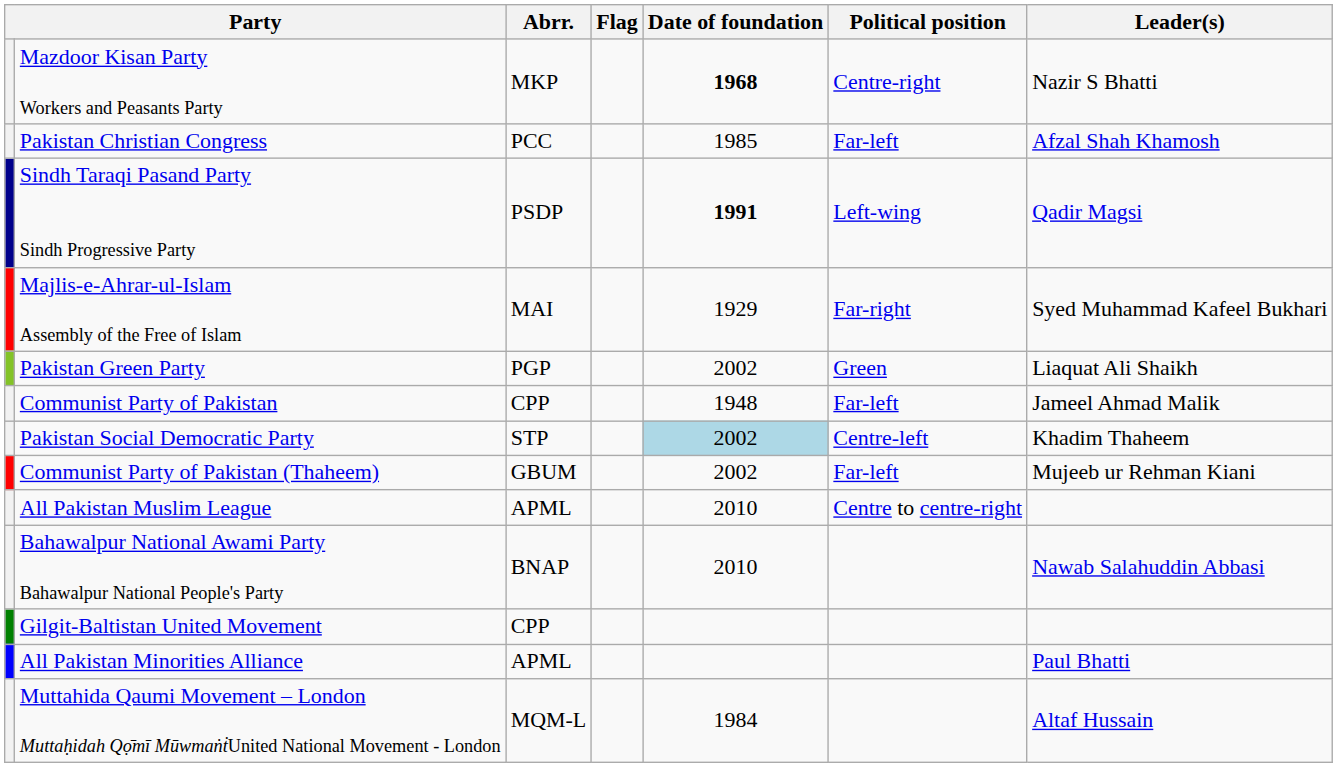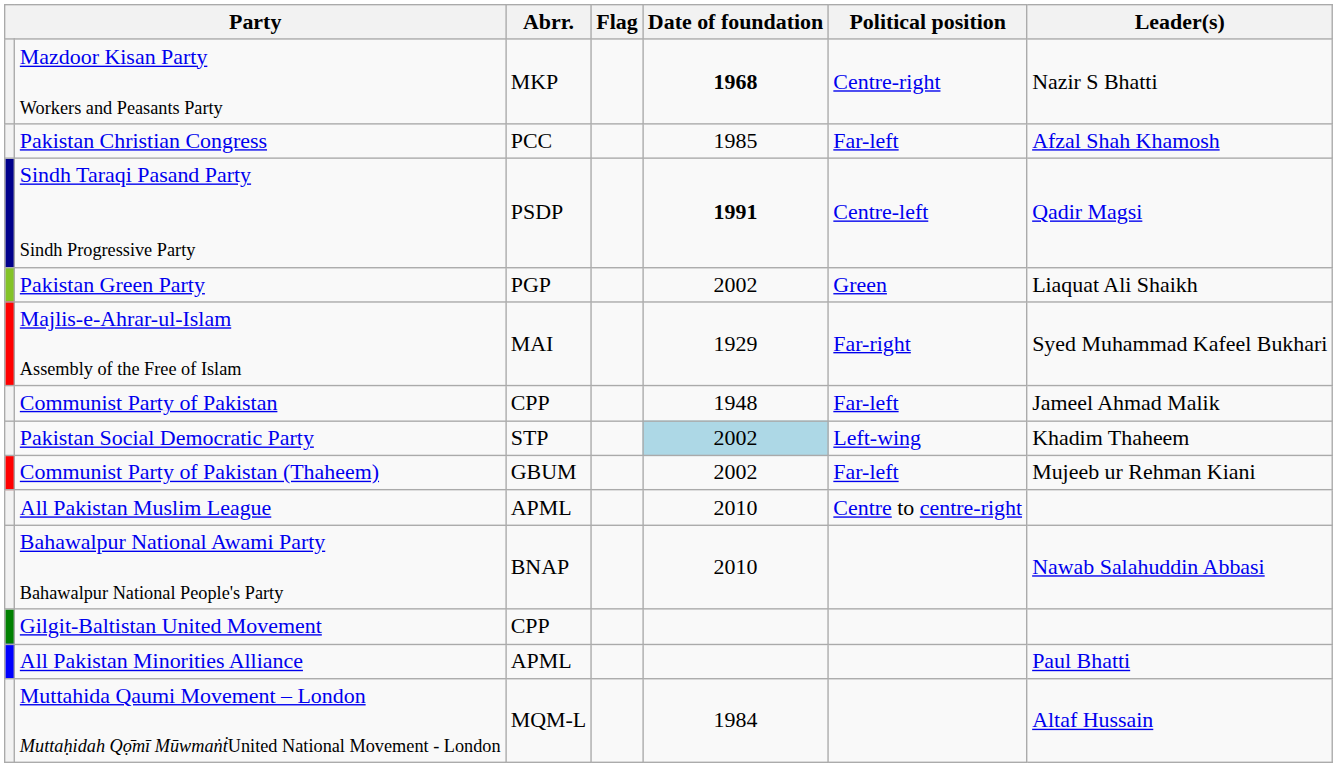 <table class="wikitable sortable">
 <tr>
 <th colspan="2" class="unsortable" scope="col" style="width:20px; text-align:center;">Party</th>
 <th>Abrr.</th>
 <th>Flag</th>
 <th>Date of foundation</th>
 <th class="unsortable" scope="col">Political position</th>
 <th>Leader(s)</th>
 </tr>
 <tr>
 <th style="background-color: "></th>
 <td><a href='#'>Mazdoor Kisan Party</a><br><br><small>Workers and Peasants Party</small></td>
 <td>MKP</td>
 <td></td>
 <td align="center"><strong>1968</strong></td>
 <td><a href='#'>Centre-right</a></td>
 <td>Nazir S Bhatti</td>
 </tr>
 <tr>
 <th style="background-color: "></th>
 <td><a href='#'>Pakistan Christian Congress</a><br></td>
 <td>PCC</td>
 <td></td>
 <td align="center">1985</td>
 <td><a href='#'>Far-left</a></td>
 <td><a href='#'>Afzal Shah Khamosh</a></td>
 </tr>
 <tr>
 <th style="background-color: #00008b"></th>
 <td><a href='#'>Sindh Taraqi Pasand Party</a><br><br><br><small>Sindh Progressive Party</small></td>
 <td>PSDP</td>
 <td></td>
 <td align="center"><strong>1991</strong></td>
-<td><a href='#'>Left-wing</a></td>
+<td><a href='#'>Centre-left</a></td>
 <td><a href='#'>Qadir Magsi</a></td>
+</tr>
+<tr>
+<th style="background-color: #83C327"></th>
+<td><a href='#'>Pakistan Green Party</a><br></td>
+<td>PGP</td>
+<td></td>
+<td align="center">2002</td>
+<td><a href='#'>Green</a></td>
+<td>Liaquat Ali Shaikh</td>
 </tr>
 <tr>
 <th style="background-color: red"></th>
 <td><a href='#'>Majlis-e-Ahrar-ul-Islam</a><br><br><small>Assembly of the Free of Islam</small></td>
 <td>MAI</td>
 <td></td>
 <td align="center">1929</td>
 <td><a href='#'>Far-right</a></td>
 <td>Syed Muhammad Kafeel Bukhari</td>
-</tr>
-<tr>
-<th style="background-color: #83C327"></th>
-<td><a href='#'>Pakistan Green Party</a><br></td>
-<td>PGP</td>
-<td></td>
-<td align="center">2002</td>
-<td><a href='#'>Green</a></td>
-<td>Liaquat Ali Shaikh</td>
 </tr>
 <tr>
 <th style="background-color: "></th>
 <td><a href='#'>Communist Party of Pakistan</a><br></td>
 <td>CPP</td>
 <td></td>
 <td align="center">1948</td>
 <td><a href='#'>Far-left</a></td>
 <td>Jameel Ahmad Malik</td>
 </tr>
 <tr>
 <th style="background-color:"></th>
 <td><a href='#'>Pakistan Social Democratic Party</a><br></td>
 <td>STP</td>
 <td></td>
 <td align="center" style="background: lightblue;">2002</td>
-<td><a href='#'>Centre-left</a></td>
+<td><a href='#'>Left-wing</a></td>
 <td>Khadim Thaheem</td>
 </tr>
 <tr>
 <th style="background-color: red"></th>
 <td><a href='#'>Communist Party of Pakistan (Thaheem)</a><br></td>
 <td>GBUM</td>
 <td></td>
 <td align="center">2002</td>
 <td><a href='#'>Far-left</a></td>
 <td>Mujeeb ur Rehman Kiani</td>
 </tr>
 <tr>
 <th style="background-color: "></th>
 <td><a href='#'>All Pakistan Muslim League</a><br></td>
 <td>APML</td>
 <td></td>
 <td align=center>2010</td>
 <td><a href='#'>Centre</a> to <a href='#'>centre-right</a></td>
 <td></td>
 </tr>
 <tr>
 <th style="background-color: "></th>
 <td><a href='#'>Bahawalpur National Awami Party</a><br><br><small>Bahawalpur National People's Party</small></td>
 <td>BNAP</td>
 <td></td>
 <td align=center>2010</td>
 <td></td>
 <td><a href='#'>Nawab Salahuddin Abbasi</a></td>
 </tr>
 <tr>
 <th style="background-color: green"></th>
 <td><a href='#'>Gilgit-Baltistan United Movement</a></td>
 <td>CPP</td>
 <td></td>
 <td></td>
 <td></td>
 <td></td>
 </tr>
 <tr>
 <th style="background-color: blue"></th>
 <td><a href='#'>All Pakistan Minorities Alliance</a><br></td>
 <td>APML</td>
 <td></td>
 <td align=center></td>
 <td></td>
 <td><a href='#'>Paul Bhatti</a></td>
 </tr>
 <tr>
 <th style="background-color: "></th>
 <td><a href='#'>Muttahida Qaumi Movement – London</a><br><br><small><em>Muttaḥidah Qọ&#x304;mī Mūwmaṅṫ</em></small><small>United National Movement - London</small></td>
 <td>MQM-L</td>
 <td></td>
 <td align=center>1984</td>
 <td></td>
 <td><a href='#'>Altaf Hussain</a></td>
 </tr>
 </table>
